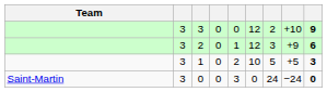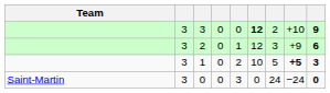 <table class=wikitable style="text-align:center">
 <tr>
 <th width=250>Team</th>
 <th width="20"></th>
 <th width="20"></th>
 <th width="20"></th>
 <th width="20"></th>
 <th width="20"></th>
 <th width="20"></th>
 <th width="20"></th>
 <th width="20"></th>
 </tr>
 <tr bgcolor=ccffcc>
 <td align="left"></td>
 <td>3</td>
 <td>3</td>
 <td>0</td>
 <td>0</td>
-<td>12</td>
+<td><strong>12</strong></td>
 <td>2</td>
 <td>+10</td>
 <td><strong>9</strong></td>
 </tr>
 <tr bgcolor=ccffcc>
 <td align="left"></td>
 <td>3</td>
 <td>2</td>
 <td>0</td>
 <td>1</td>
 <td>12</td>
 <td>3</td>
 <td>+9</td>
 <td><strong>6</strong></td>
 </tr>
 <tr>
 <td align="left"></td>
 <td>3</td>
 <td>1</td>
 <td>0</td>
 <td>2</td>
 <td>10</td>
 <td>5</td>
-<td>+5</td>
+<td><strong>+5</strong></td>
 <td><strong>3</strong></td>
 </tr>
 <tr>
 <td align="left"> <a href='#'>Saint-Martin</a></td>
 <td>3</td>
 <td>0</td>
 <td>0</td>
 <td>3</td>
 <td>0</td>
 <td>24</td>
 <td>−24</td>
 <td><strong>0</strong></td>
 </tr>
 </table>
